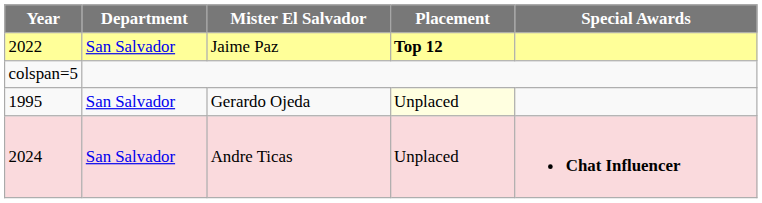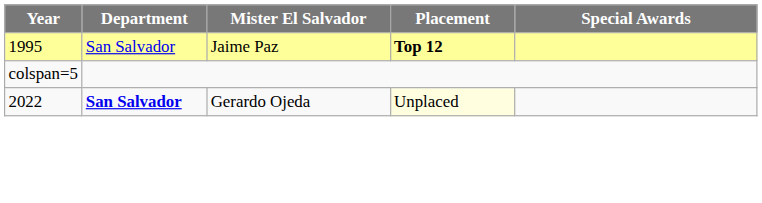 <table class="wikitable sortable" style="font-size: 90%">
 <tr>
 <th width="20" style="background-color:#787878;color:#FFFFFF;">Year</th>
 <th width="100" style="background-color:#787878;color:#FFFFFF;">Department</th>
 <th width="150" style="background-color:#787878;color:#FFFFFF;">Mister El Salvador</th>
 <th width="100" style="background-color:#787878;color:#FFFFFF;">Placement</th>
 <th width="200" style="background-color:#787878;color:#FFFFFF;">Special Awards</th>
 </tr>
 <tr style="background-color:#FFFF99;">
-<td>2022</td>
+<td>1995</td>
 <td><a href='#'>San Salvador</a></td>
 <td>Jaime Paz</td>
 <td><strong>Top 12</strong></td>
 <td></td>
 </tr>
 <tr>
 <td>colspan=5 </td>
 </tr>
 <tr>
-<td>1995</td>
-<td><a href='#'>San Salvador</a></td>
+<td>2022</td>
+<td><strong><a href='#'>San Salvador</a></strong></td>
 <td>Gerardo Ojeda</td>
 <td style="background: lightyellow;">Unplaced</td>
 <td></td>
 </tr>
-<tr style="background-color:#FADADD">
-<td>2024</td>
-<td><a href='#'>San Salvador</a></td>
-<td>Andre Ticas</td>
-<td>Unplaced</td>
-<td><br><ul><li><strong>Chat Influencer</strong></li></ul></td>
-</tr>
 </table>
